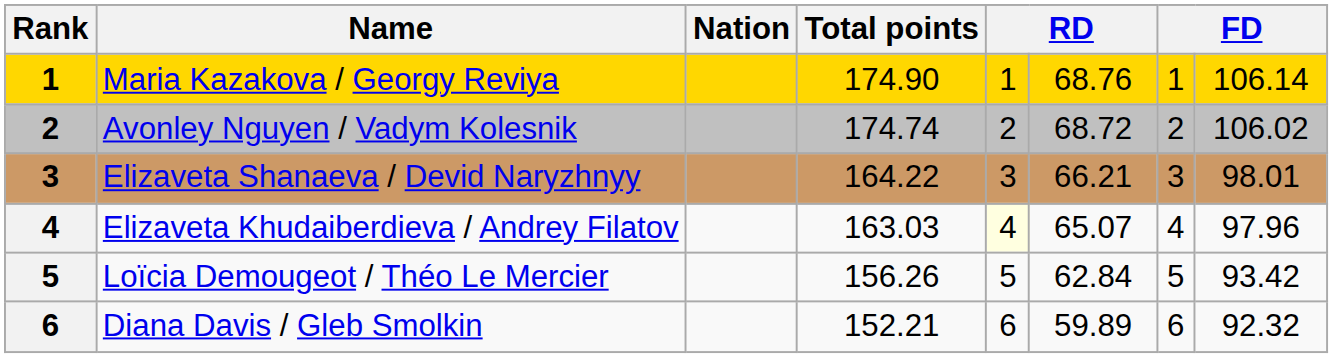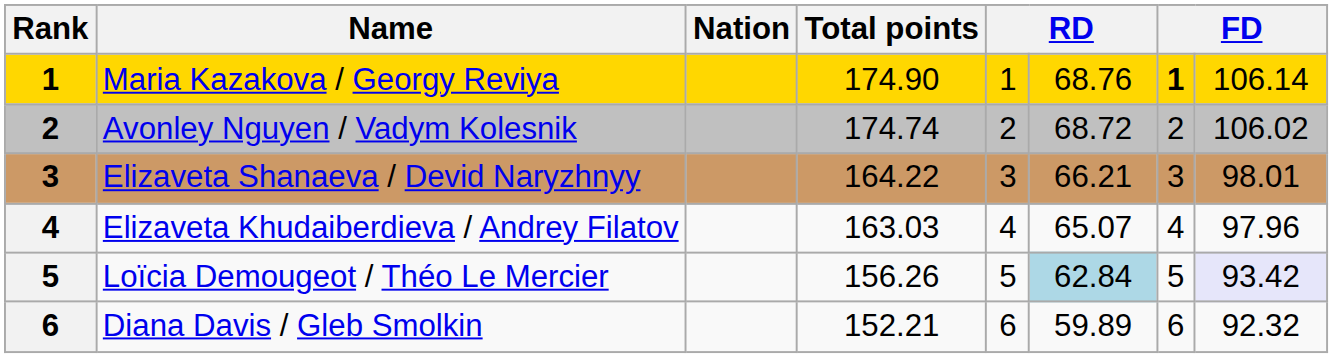 <table class="wikitable sortable">
 <tr>
 <th>Rank</th>
 <th>Name</th>
 <th>Nation</th>
 <th>Total points</th>
 <th width="80" colspan="2"><a href='#'>RD</a></th>
 <th width="80" colspan="2"><a href='#'>FD</a></th>
 </tr>
 <tr bgcolor="gold">
 <td align="center"><strong>1</strong></td>
 <td><a href='#'>Maria Kazakova</a> / <a href='#'>Georgy Reviya</a></td>
 <td></td>
 <td align="center">174.90</td>
 <td align="center">1</td>
 <td align="center">68.76</td>
-<td align="center">1</td>
+<td align="center"><strong>1</strong></td>
 <td align="center">106.14</td>
 </tr>
 <tr bgcolor="silver">
 <td align="center"><strong>2</strong></td>
 <td><a href='#'>Avonley Nguyen</a> / <a href='#'>Vadym Kolesnik</a></td>
 <td></td>
 <td align="center">174.74</td>
 <td align="center">2</td>
 <td align="center">68.72</td>
 <td align="center">2</td>
 <td align="center">106.02</td>
 </tr>
 <tr bgcolor="#cc9966">
 <td align="center"><strong>3</strong></td>
 <td><a href='#'>Elizaveta Shanaeva</a> / <a href='#'>Devid Naryzhnyy</a></td>
 <td></td>
 <td align="center">164.22</td>
 <td align="center">3</td>
 <td align="center">66.21</td>
 <td align="center">3</td>
 <td align="center">98.01</td>
 </tr>
 <tr>
 <th>4</th>
 <td><a href='#'>Elizaveta Khudaiberdieva</a> / <a href='#'>Andrey Filatov</a></td>
 <td></td>
 <td align="center">163.03</td>
-<td align="center" style="background: lightyellow;">4</td>
+<td align="center">4</td>
 <td align="center">65.07</td>
 <td align="center">4</td>
 <td align="center">97.96</td>
 </tr>
 <tr>
 <th>5</th>
 <td><a href='#'>Loïcia Demougeot</a> / <a href='#'>Théo Le Mercier</a></td>
 <td></td>
 <td align="center">156.26</td>
 <td align="center">5</td>
-<td align="center">62.84</td>
+<td align="center" style="background: lightblue;">62.84</td>
 <td align="center">5</td>
-<td align="center">93.42</td>
+<td align="center" style="background: lavender;">93.42</td>
 </tr>
 <tr>
 <th>6</th>
 <td><a href='#'>Diana Davis</a> / <a href='#'>Gleb Smolkin</a></td>
 <td></td>
 <td align="center">152.21</td>
 <td align="center">6</td>
 <td align="center">59.89</td>
 <td align="center">6</td>
 <td align="center">92.32</td>
 </tr>
 </table>
